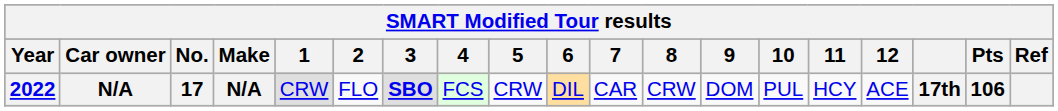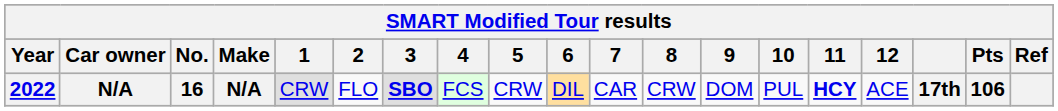 <table class="wikitable" style="text-align:center; font-size:75%">
 <tr>
 <th colspan=38><a href='#'>SMART Modified Tour</a> results</th>
 </tr>
 <tr>
 <th>Year</th>
 <th>Car owner</th>
 <th>No.</th>
 <th>Make</th>
 <th>1</th>
 <th>2</th>
 <th>3</th>
 <th>4</th>
 <th>5</th>
 <th>6</th>
 <th>7</th>
 <th>8</th>
 <th>9</th>
 <th>10</th>
 <th>11</th>
 <th>12</th>
 <th></th>
 <th>Pts</th>
 <th>Ref</th>
 </tr>
 <tr>
 <th><a href='#'>2022</a></th>
 <th>N/A</th>
-<th>17</th>
+<th>16</th>
 <th>N/A</th>
 <td style="background:#DFDFDF;"><a href='#'>CRW</a><br></td>
 <td><a href='#'>FLO</a></td>
 <td style="background:#DFDFDF;"><strong><a href='#'>SBO</a></strong><br></td>
 <td style="background:#DFFFDF;"><a href='#'>FCS</a><br></td>
 <td><a href='#'>CRW</a></td>
 <td style="background:#FFDF9F;"><a href='#'>DIL</a><br></td>
 <td><a href='#'>CAR</a></td>
 <td><a href='#'>CRW</a></td>
 <td><a href='#'>DOM</a></td>
 <td><a href='#'>PUL</a></td>
-<td><a href='#'>HCY</a></td>
+<td><strong><a href='#'>HCY</a></strong></td>
 <td><a href='#'>ACE</a></td>
 <th>17th</th>
 <th>106</th>
 <th></th>
 </tr>
 </table>
